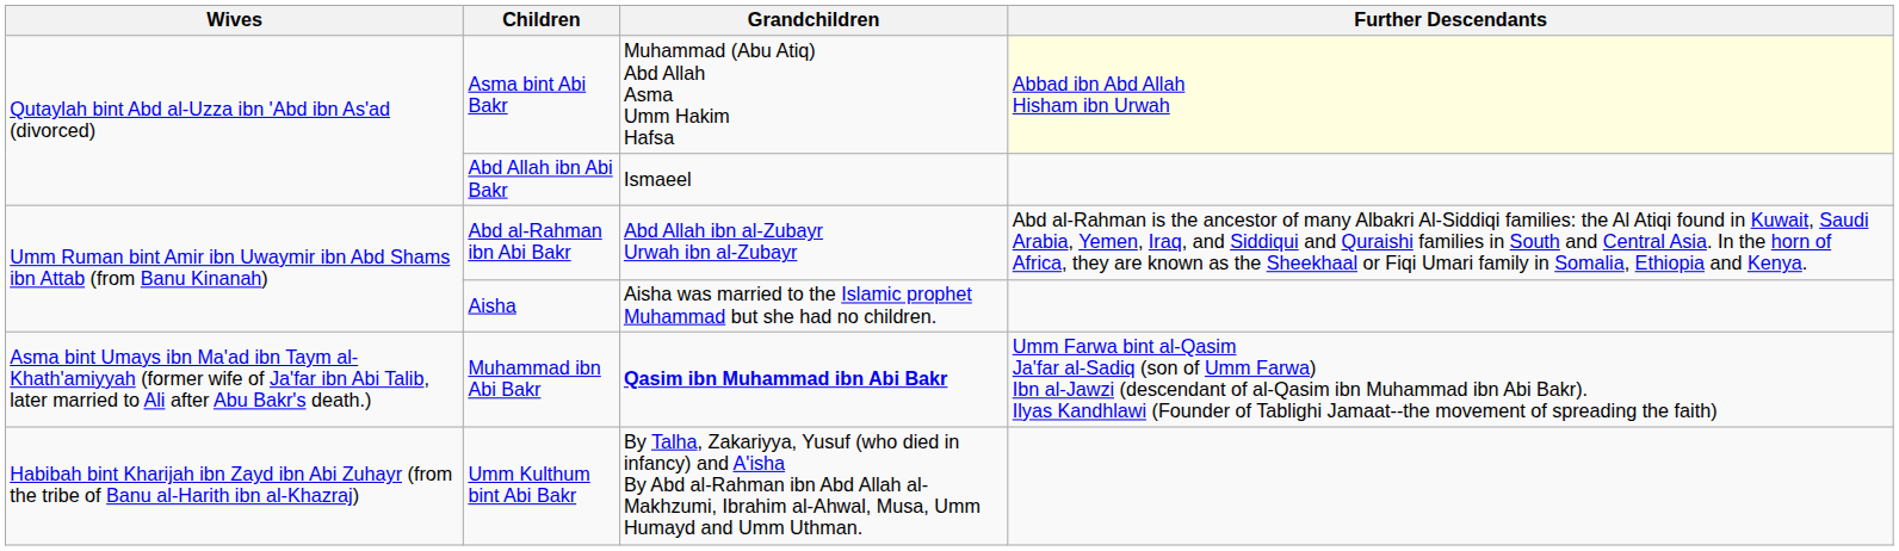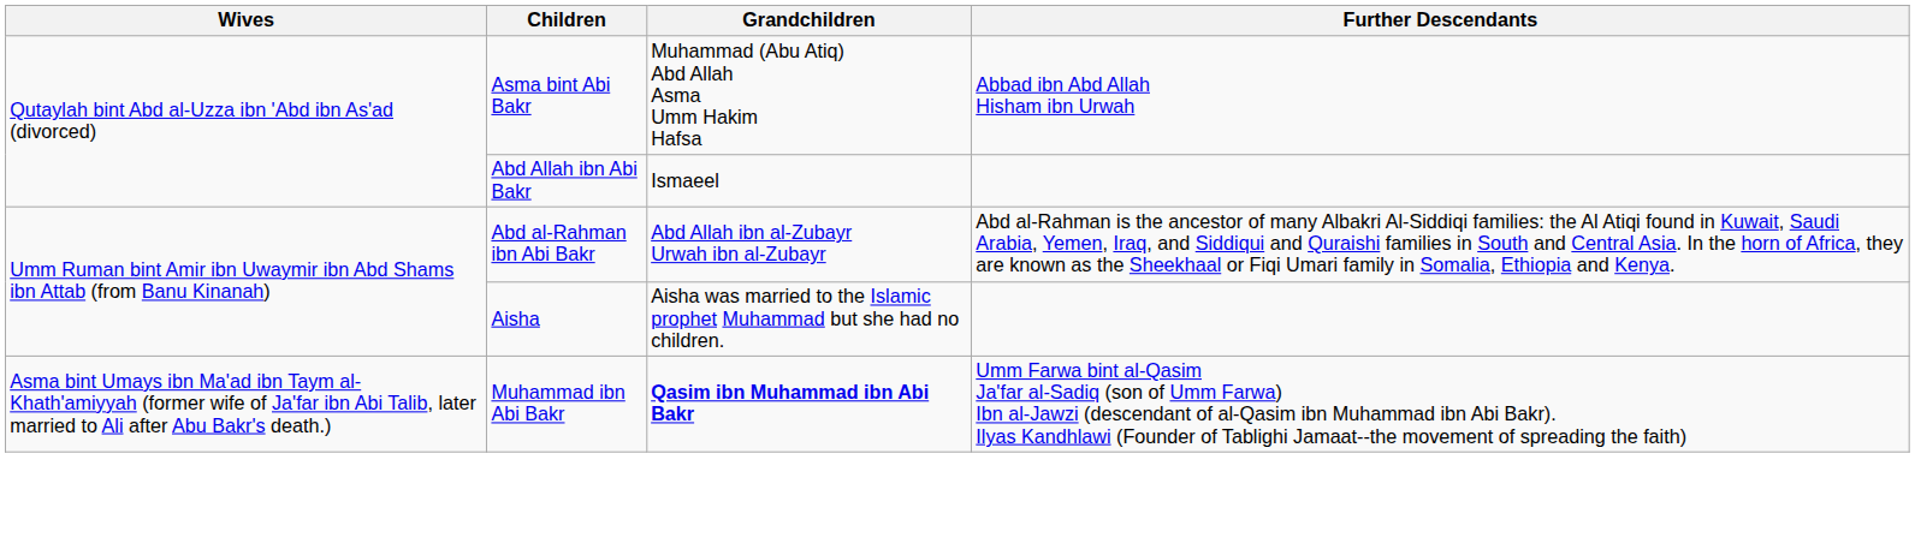 <table class="wikitable">
 <tr>
 <th>Wives</th>
 <th>Children</th>
 <th>Grandchildren</th>
 <th>Further Descendants</th>
 </tr>
 <tr>
 <td rowspan="2"><a href='#'>Qutaylah bint Abd al-Uzza ibn 'Abd ibn As'ad</a> (divorced)</td>
 <td><a href='#'>Asma bint Abi Bakr</a></td>
 <td>Muhammad (Abu Atiq)<br> Abd Allah <br> Asma <br> Umm Hakim <br> Hafsa</td>
-<td style="background: lightyellow;"><a href='#'>Abbad ibn Abd Allah</a> <br> <a href='#'>Hisham ibn Urwah</a></td>
+<td><a href='#'>Abbad ibn Abd Allah</a> <br> <a href='#'>Hisham ibn Urwah</a></td>
 </tr>
 <tr>
 <td><a href='#'>Abd Allah ibn Abi Bakr</a></td>
 <td>Ismaeel</td>
 <td></td>
 </tr>
 <tr>
 <td rowspan="2"><a href='#'>Umm Ruman bint Amir ibn Uwaymir ibn Abd Shams ibn Attab</a> (from <a href='#'>Banu Kinanah</a>)</td>
 <td><a href='#'>Abd al-Rahman ibn Abi Bakr</a></td>
 <td><a href='#'>Abd Allah ibn al-Zubayr</a> <br> <a href='#'>Urwah ibn al-Zubayr</a></td>
 <td>Abd al-Rahman is the ancestor of many Albakri Al-Siddiqi families: the Al Atiqi found in <a href='#'>Kuwait</a>, <a href='#'>Saudi Arabia</a>, <a href='#'>Yemen</a>, <a href='#'>Iraq</a>, and <a href='#'>Siddiqui</a> and <a href='#'>Quraishi</a> families in <a href='#'>South</a> and <a href='#'>Central Asia</a>. In the <a href='#'>horn of Africa</a>, they are known as the <a href='#'>Sheekhaal</a> or Fiqi Umari family in <a href='#'>Somalia</a>, <a href='#'>Ethiopia</a> and <a href='#'>Kenya</a>.</td>
 </tr>
 <tr>
 <td><a href='#'>Aisha</a></td>
 <td>Aisha was married to the <a href='#'>Islamic prophet</a> <a href='#'>Muhammad</a> but she had no children.</td>
 <td></td>
 </tr>
 <tr>
 <td><a href='#'>Asma bint Umays ibn Ma'ad ibn Taym al-Khath'amiyyah</a> (former wife of <a href='#'>Ja'far ibn Abi Talib</a>, later married to <a href='#'>Ali</a> after <a href='#'>Abu Bakr's</a> death.)</td>
 <td><a href='#'>Muhammad ibn Abi Bakr</a></td>
 <td><strong><a href='#'>Qasim ibn Muhammad ibn Abi Bakr</a></strong></td>
 <td><a href='#'>Umm Farwa bint al-Qasim</a> <br> <a href='#'>Ja'far al-Sadiq</a> (son of <a href='#'>Umm Farwa</a>) <br> <a href='#'>Ibn al-Jawzi</a> (descendant of al-Qasim ibn Muhammad ibn Abi Bakr).<br><a href='#'>Ilyas Kandhlawi</a> (Founder of Tablighi Jamaat--the movement of spreading the faith)</td>
 </tr>
-<tr>
-<td><a href='#'>Habibah bint Kharijah ibn Zayd ibn Abi Zuhayr</a> (from the tribe of <a href='#'>Banu al-Harith ibn al-Khazraj</a>)</td>
-<td><a href='#'>Umm Kulthum bint Abi Bakr</a></td>
-<td>By <a href='#'>Talha</a>, Zakariyya, Yusuf (who died in infancy) and <a href='#'>A'isha</a> <br> By Abd al-Rahman ibn Abd Allah al-Makhzumi, Ibrahim al-Ahwal, Musa, Umm Humayd and Umm Uthman.</td>
-<td></td>
-</tr>
 </table>
